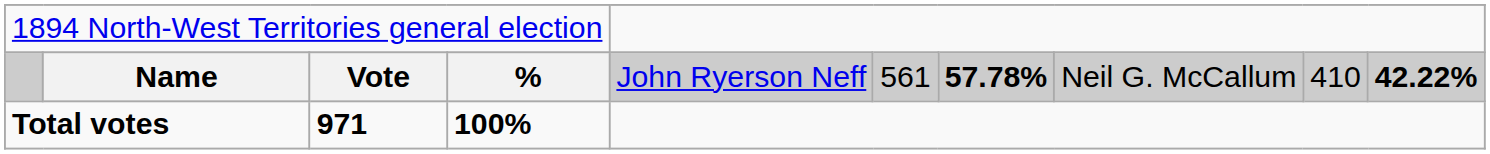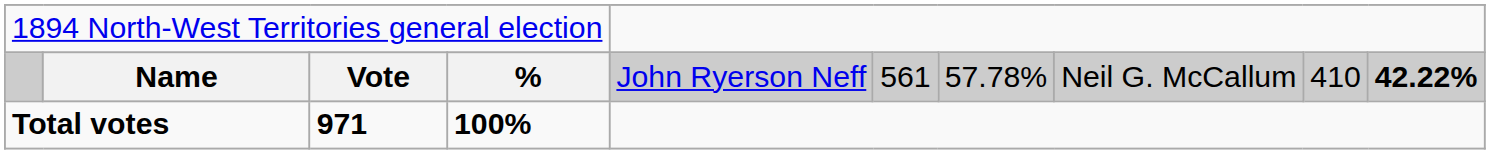 <table class="wikitable">
 <tr>
 <td colspan=4 align=center><a href='#'>1894 North-West Territories general election</a></td>
 </tr>
 <tr bgcolor="CCCCCC">
 <td></td>
 <th>Name</th>
 <th>Vote</th>
 <th>%<br></th>
 <td><a href='#'>John Ryerson Neff</a></td>
 <td>561</td>
-<td><strong>57.78%<br></strong></td>
+<td>57.78%<br></td>
 <td>Neil G. McCallum</td>
 <td>410</td>
 <td><strong>42.22%</strong></td>
 </tr>
 <tr>
 <td colspan=2><strong>Total votes</strong></td>
 <td><strong>971</strong></td>
 <td alignment="left"><strong>100%</strong></td>
 </tr>
 </table>
